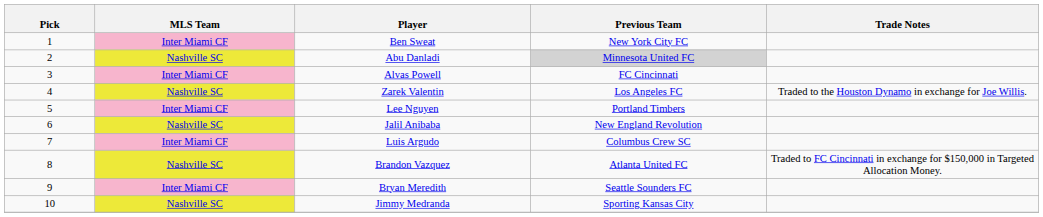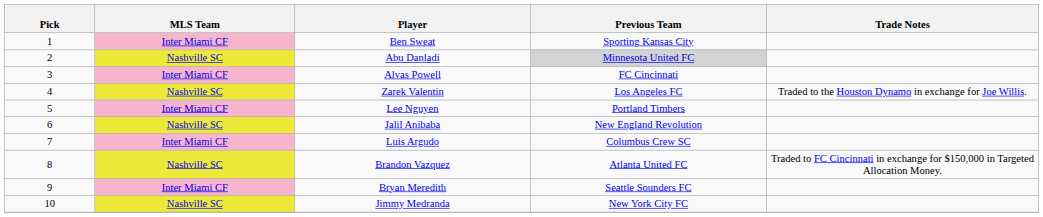 <table class="wikitable" style="text-align: center;">
 <tr>
 <th style="width:5%"><br>Pick</th>
 <th style="width:11%"><br>MLS Team</th>
 <th style="width:13%"><br>Player</th>
 <th style="width:13%"><br>Previous Team</th>
 <th style="width:15%"><br>Trade Notes</th>
 </tr>
 <tr>
 <td>1</td>
 <td style="background: #f7b5cd"><a href='#'>Inter Miami CF</a></td>
 <td><a href='#'>Ben Sweat</a></td>
-<td><a href='#'>New York City FC</a></td>
+<td><a href='#'>Sporting Kansas City</a></td>
 <td></td>
 </tr>
 <tr>
 <td>2</td>
 <td style="background: #ede939"><a href='#'>Nashville SC</a></td>
 <td><a href='#'>Abu Danladi</a></td>
 <td style="background: lightgrey;"><a href='#'>Minnesota United FC</a></td>
 <td></td>
 </tr>
 <tr>
 <td>3</td>
 <td style="background: #f7b5cd"><a href='#'>Inter Miami CF</a></td>
 <td><a href='#'>Alvas Powell</a></td>
 <td><a href='#'>FC Cincinnati</a></td>
 <td></td>
 </tr>
 <tr>
 <td>4</td>
 <td style="background: #ede939"><a href='#'>Nashville SC</a></td>
 <td><a href='#'>Zarek Valentin</a></td>
 <td><a href='#'>Los Angeles FC</a></td>
 <td>Traded to the <a href='#'>Houston Dynamo</a> in exchange for <a href='#'>Joe Willis</a>.</td>
 </tr>
 <tr>
 <td>5</td>
 <td style="background: #f7b5cd"><a href='#'>Inter Miami CF</a></td>
 <td><a href='#'>Lee Nguyen</a></td>
 <td><a href='#'>Portland Timbers</a></td>
 <td></td>
 </tr>
 <tr>
 <td>6</td>
 <td style="background: #ede939"><a href='#'>Nashville SC</a></td>
 <td><a href='#'>Jalil Anibaba</a></td>
 <td><a href='#'>New England Revolution</a></td>
 <td></td>
 </tr>
 <tr>
 <td>7</td>
 <td style="background: #f7b5cd"><a href='#'>Inter Miami CF</a></td>
 <td><a href='#'>Luis Argudo</a></td>
 <td><a href='#'>Columbus Crew SC</a></td>
 <td></td>
 </tr>
 <tr>
 <td>8</td>
 <td style="background: #ede939"><a href='#'>Nashville SC</a></td>
 <td><a href='#'>Brandon Vazquez</a></td>
 <td><a href='#'>Atlanta United FC</a></td>
 <td>Traded to <a href='#'>FC Cincinnati</a> in exchange for $150,000 in Targeted Allocation Money.</td>
 </tr>
 <tr>
 <td>9</td>
 <td style="background: #f7b5cd"><a href='#'>Inter Miami CF</a></td>
 <td><a href='#'>Bryan Meredith</a></td>
 <td><a href='#'>Seattle Sounders FC</a></td>
 <td></td>
 </tr>
 <tr>
 <td>10</td>
 <td style="background: #ede939"><a href='#'>Nashville SC</a></td>
 <td><a href='#'>Jimmy Medranda</a></td>
-<td><a href='#'>Sporting Kansas City</a></td>
+<td><a href='#'>New York City FC</a></td>
 <td></td>
 </tr>
 <tr>
 </tr>
 </table>
